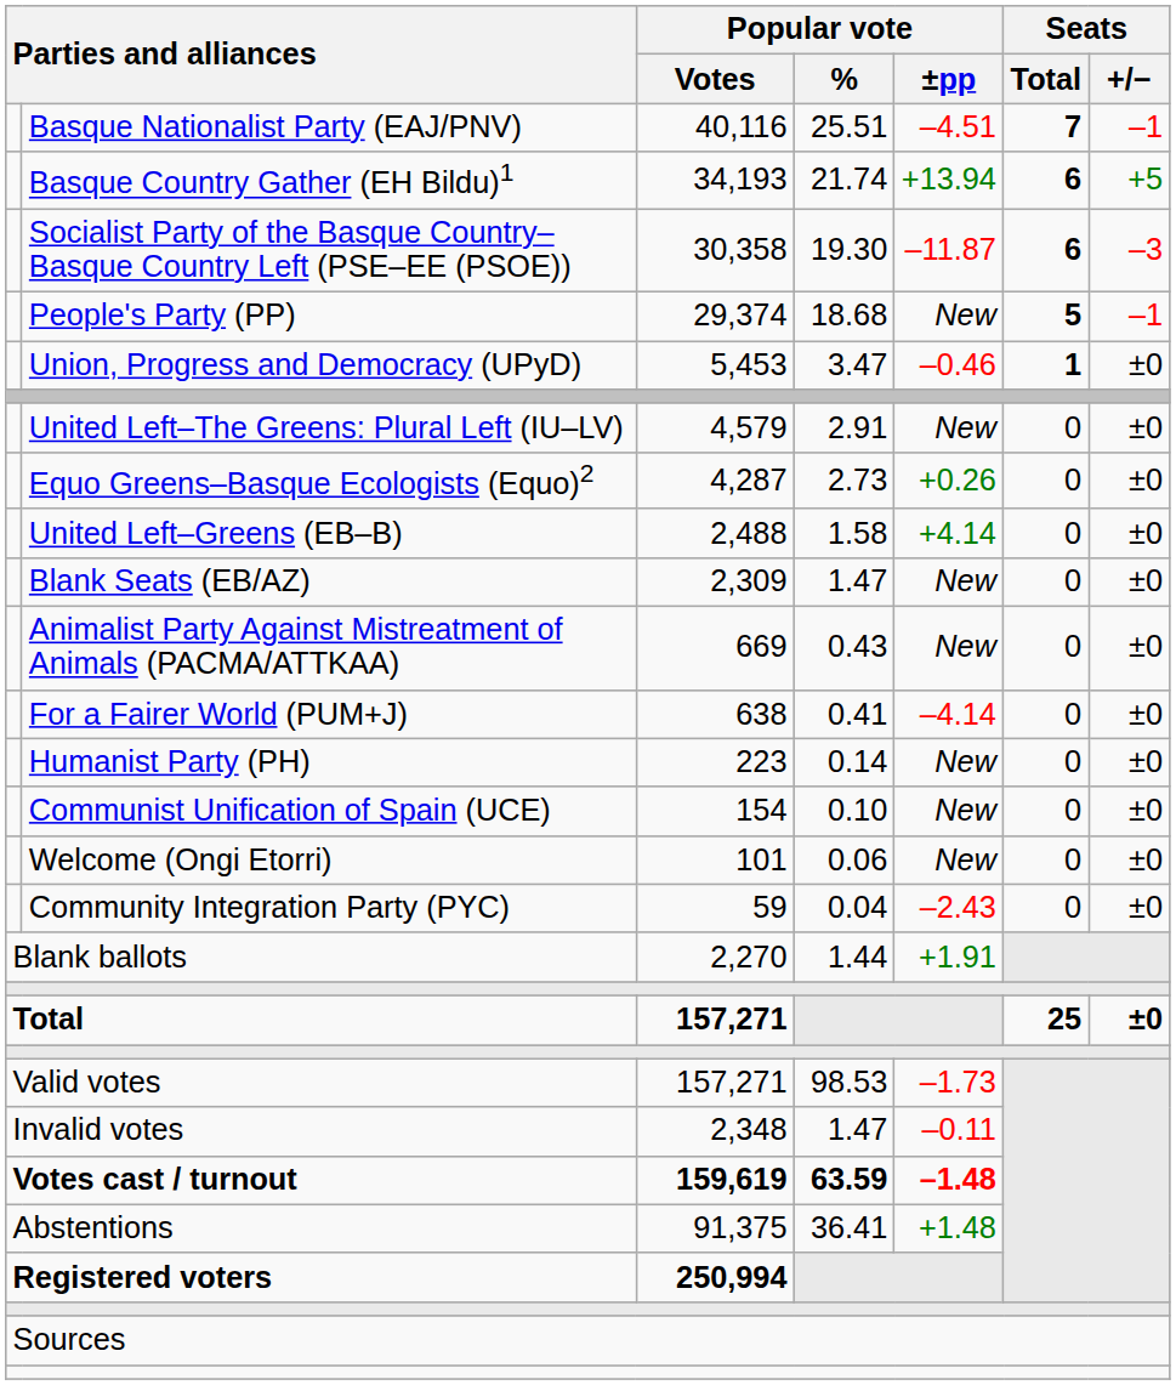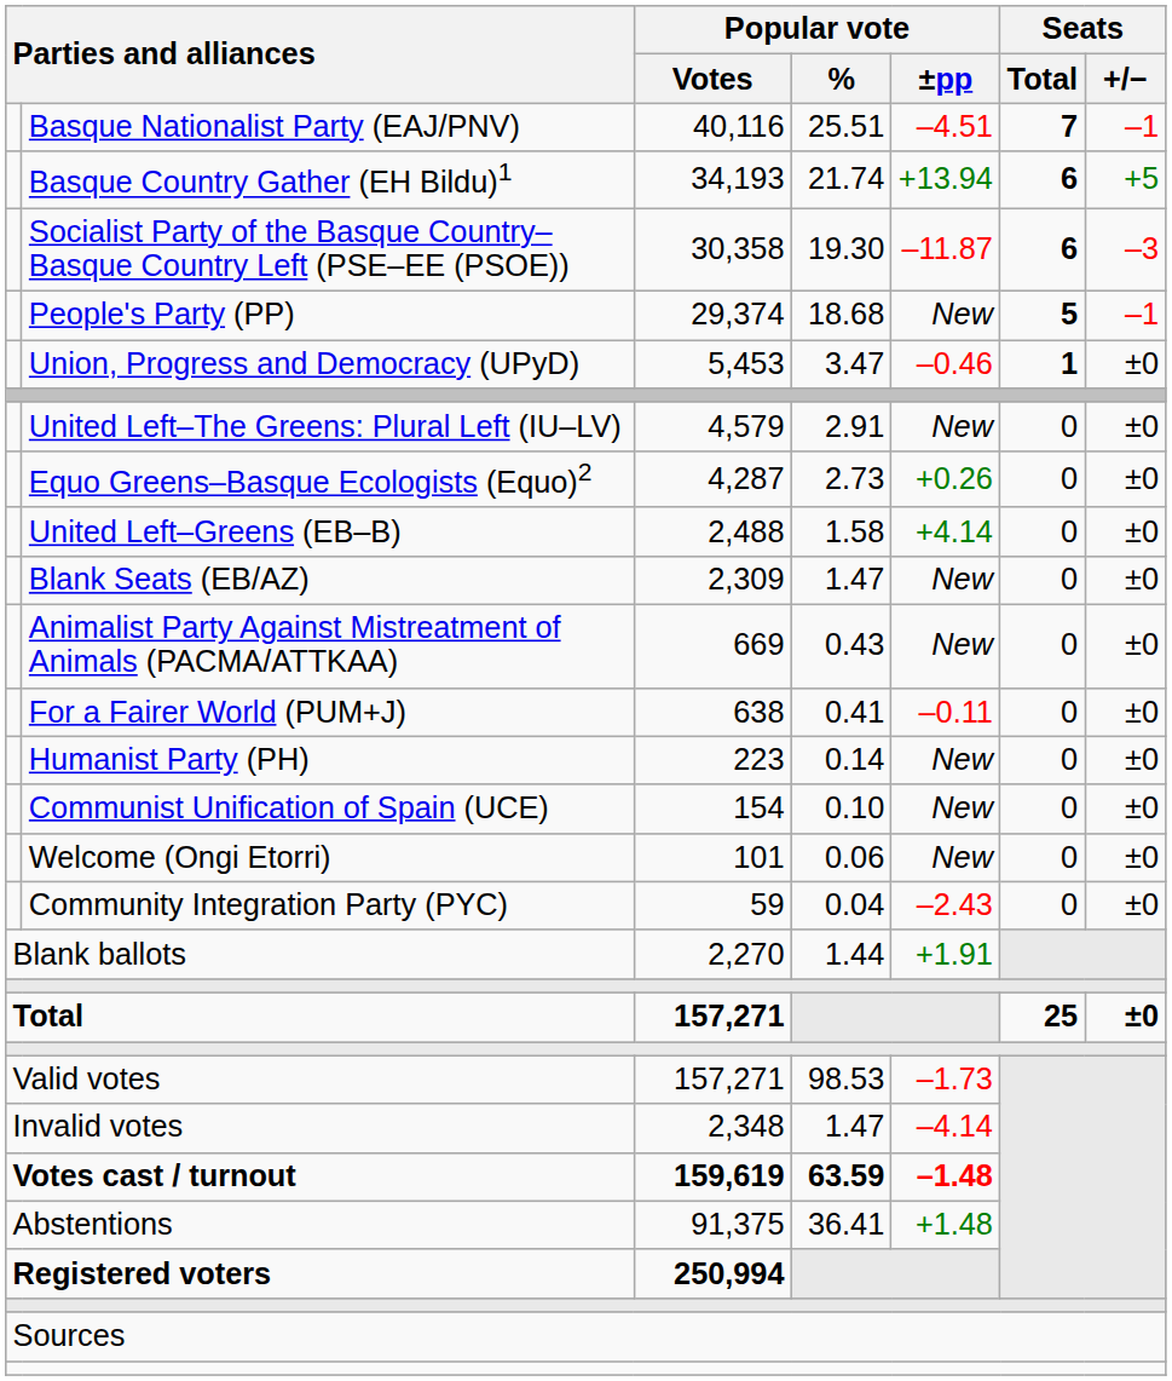 <table class="wikitable" style="text-align:right;">
 <tr>
 <th style="text-align:left;" rowspan="2" colspan="2" width="525">Parties and alliances</th>
 <th colspan="3">Popular vote</th>
 <th colspan="2">Seats</th>
 </tr>
 <tr>
 <th width="75">Votes</th>
 <th width="45">%</th>
 <th width="45">±<a href='#'>pp</a></th>
 <th width="35">Total</th>
 <th width="35">+/−</th>
 </tr>
 <tr>
 <td width="1" style="color:inherit;background:"></td>
 <td align="left"><a href='#'>Basque Nationalist Party</a> (EAJ/PNV)</td>
 <td>40,116</td>
 <td>25.51</td>
 <td style="color:red;">–4.51</td>
 <td><strong>7</strong></td>
 <td style="color:red;">–1</td>
 </tr>
 <tr>
 <td style="color:inherit;background:"></td>
 <td align="left"><a href='#'>Basque Country Gather</a> (EH Bildu)<sup>1</sup></td>
 <td>34,193</td>
 <td>21.74</td>
 <td style="color:green;">+13.94</td>
 <td><strong>6</strong></td>
 <td style="color:green;">+5</td>
 </tr>
 <tr>
 <td style="color:inherit;background:"></td>
 <td align="left"><a href='#'>Socialist Party of the Basque Country–Basque Country Left</a> (PSE–EE (PSOE))</td>
 <td>30,358</td>
 <td>19.30</td>
 <td style="color:red;">–11.87</td>
 <td><strong>6</strong></td>
 <td style="color:red;">–3</td>
 </tr>
 <tr>
 <td style="color:inherit;background:"></td>
 <td align="left"><a href='#'>People's Party</a> (PP)</td>
 <td>29,374</td>
 <td>18.68</td>
 <td><em>New</em></td>
 <td><strong>5</strong></td>
 <td style="color:red;">–1</td>
 </tr>
 <tr>
 <td style="color:inherit;background:"></td>
 <td align="left"><a href='#'>Union, Progress and Democracy</a> (UPyD)</td>
 <td>5,453</td>
 <td>3.47</td>
 <td style="color:red;">–0.46</td>
 <td><strong>1</strong></td>
 <td>±0</td>
 </tr>
 <tr>
 <td colspan="7" bgcolor="#C0C0C0"></td>
 </tr>
 <tr>
 <td style="color:inherit;background:"></td>
 <td align="left"><a href='#'>United Left–The Greens: Plural Left</a> (IU–LV)</td>
 <td>4,579</td>
 <td>2.91</td>
 <td><em>New</em></td>
 <td>0</td>
 <td>±0</td>
 </tr>
 <tr>
 <td style="color:inherit;background:"></td>
 <td align="left"><a href='#'>Equo Greens–Basque Ecologists</a> (Equo)<sup>2</sup></td>
 <td>4,287</td>
 <td>2.73</td>
 <td style="color:green;">+0.26</td>
 <td>0</td>
 <td>±0</td>
 </tr>
 <tr>
 <td style="color:inherit;background:"></td>
 <td align="left"><a href='#'>United Left–Greens</a> (EB–B)</td>
 <td>2,488</td>
 <td>1.58</td>
 <td style="color:green;">+4.14</td>
 <td>0</td>
 <td>±0</td>
 </tr>
 <tr>
 <td style="color:inherit;background:"></td>
 <td align="left"><a href='#'>Blank Seats</a> (EB/AZ)</td>
 <td>2,309</td>
 <td>1.47</td>
 <td><em>New</em></td>
 <td>0</td>
 <td>±0</td>
 </tr>
 <tr>
 <td style="color:inherit;background:"></td>
 <td align="left"><a href='#'>Animalist Party Against Mistreatment of Animals</a> (PACMA/ATTKAA)</td>
 <td>669</td>
 <td>0.43</td>
 <td><em>New</em></td>
 <td>0</td>
 <td>±0</td>
 </tr>
 <tr>
 <td style="color:inherit;background:"></td>
 <td align="left"><a href='#'>For a Fairer World</a> (PUM+J)</td>
 <td>638</td>
 <td>0.41</td>
-<td style="color:red;">–4.14</td>
+<td style="color:red;">–0.11</td>
 <td>0</td>
 <td>±0</td>
 </tr>
 <tr>
 <td style="color:inherit;background:"></td>
 <td align="left"><a href='#'>Humanist Party</a> (PH)</td>
 <td>223</td>
 <td>0.14</td>
 <td><em>New</em></td>
 <td>0</td>
 <td>±0</td>
 </tr>
 <tr>
 <td style="color:inherit;background:"></td>
 <td align="left"><a href='#'>Communist Unification of Spain</a> (UCE)</td>
 <td>154</td>
 <td>0.10</td>
 <td><em>New</em></td>
 <td>0</td>
 <td>±0</td>
 </tr>
 <tr>
 <td style="color:inherit;background:"></td>
 <td align="left">Welcome (Ongi Etorri)</td>
 <td>101</td>
 <td>0.06</td>
 <td><em>New</em></td>
 <td>0</td>
 <td>±0</td>
 </tr>
 <tr>
 <td style="color:inherit;background:"></td>
 <td align="left">Community Integration Party (PYC)</td>
 <td>59</td>
 <td>0.04</td>
 <td style="color:red;">–2.43</td>
 <td>0</td>
 <td>±0</td>
 </tr>
 <tr>
 <td align="left" colspan="2">Blank ballots</td>
 <td>2,270</td>
 <td>1.44</td>
 <td style="color:green;">+1.91</td>
 <td bgcolor="#E9E9E9" colspan="2"></td>
 </tr>
 <tr>
 <td colspan="7" bgcolor="#E9E9E9"></td>
 </tr>
 <tr style="font-weight:bold;">
 <td align="left" colspan="2">Total</td>
 <td>157,271</td>
 <td bgcolor="#E9E9E9" colspan="2"></td>
 <td>25</td>
 <td>±0</td>
 </tr>
 <tr>
 <td colspan="7" bgcolor="#E9E9E9"></td>
 </tr>
 <tr>
 <td align="left" colspan="2">Valid votes</td>
 <td>157,271</td>
 <td>98.53</td>
 <td style="color:red;">–1.73</td>
 <td bgcolor="#E9E9E9" colspan="2" rowspan="5"></td>
 </tr>
 <tr>
 <td align="left" colspan="2">Invalid votes</td>
 <td>2,348</td>
 <td>1.47</td>
-<td style="color:red;">–0.11</td>
+<td style="color:red;">–4.14</td>
 </tr>
 <tr style="font-weight:bold;">
 <td align="left" colspan="2">Votes cast / turnout</td>
 <td>159,619</td>
 <td>63.59</td>
 <td style="color:red;">–1.48</td>
 </tr>
 <tr>
 <td align="left" colspan="2">Abstentions</td>
 <td>91,375</td>
 <td>36.41</td>
 <td style="color:green;">+1.48</td>
 </tr>
 <tr style="font-weight:bold;">
 <td align="left" colspan="2">Registered voters</td>
 <td>250,994</td>
 <td bgcolor="#E9E9E9" colspan="2"></td>
 </tr>
 <tr>
 <td colspan="7" bgcolor="#E9E9E9"></td>
 </tr>
 <tr>
 <td align="left" colspan="7">Sources</td>
 </tr>
 <tr>
 <td colspan="7" style="text-align:left; max-width:790px;"></td>
 </tr>
 </table>
